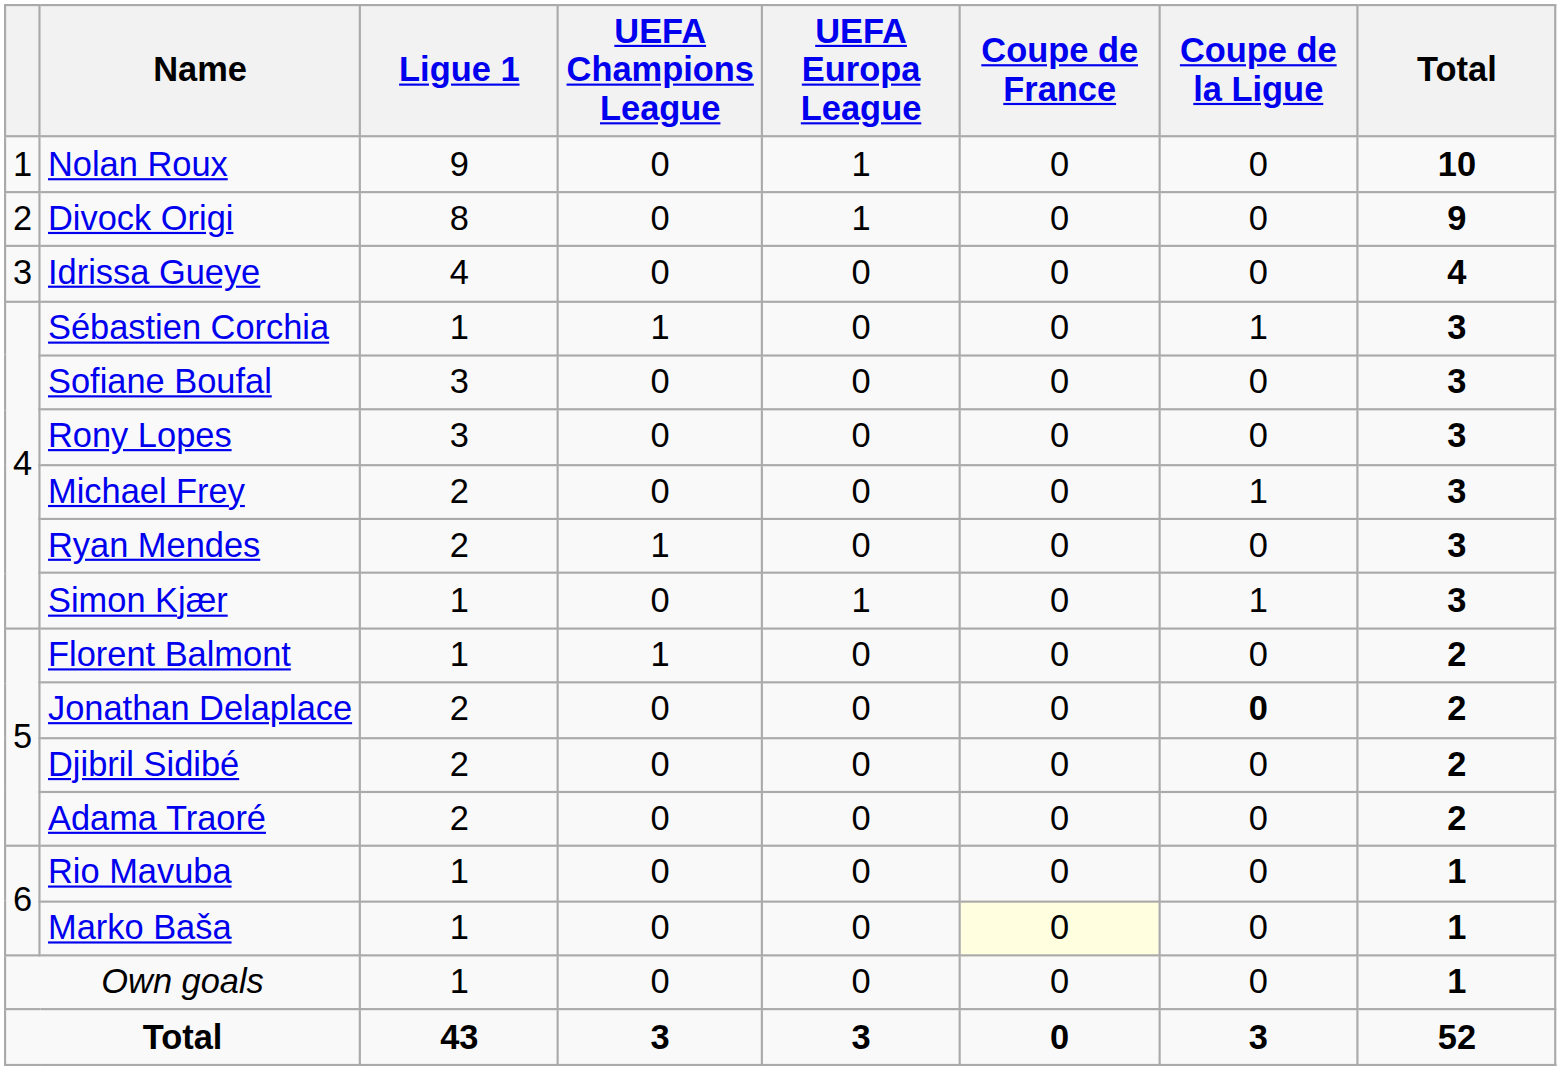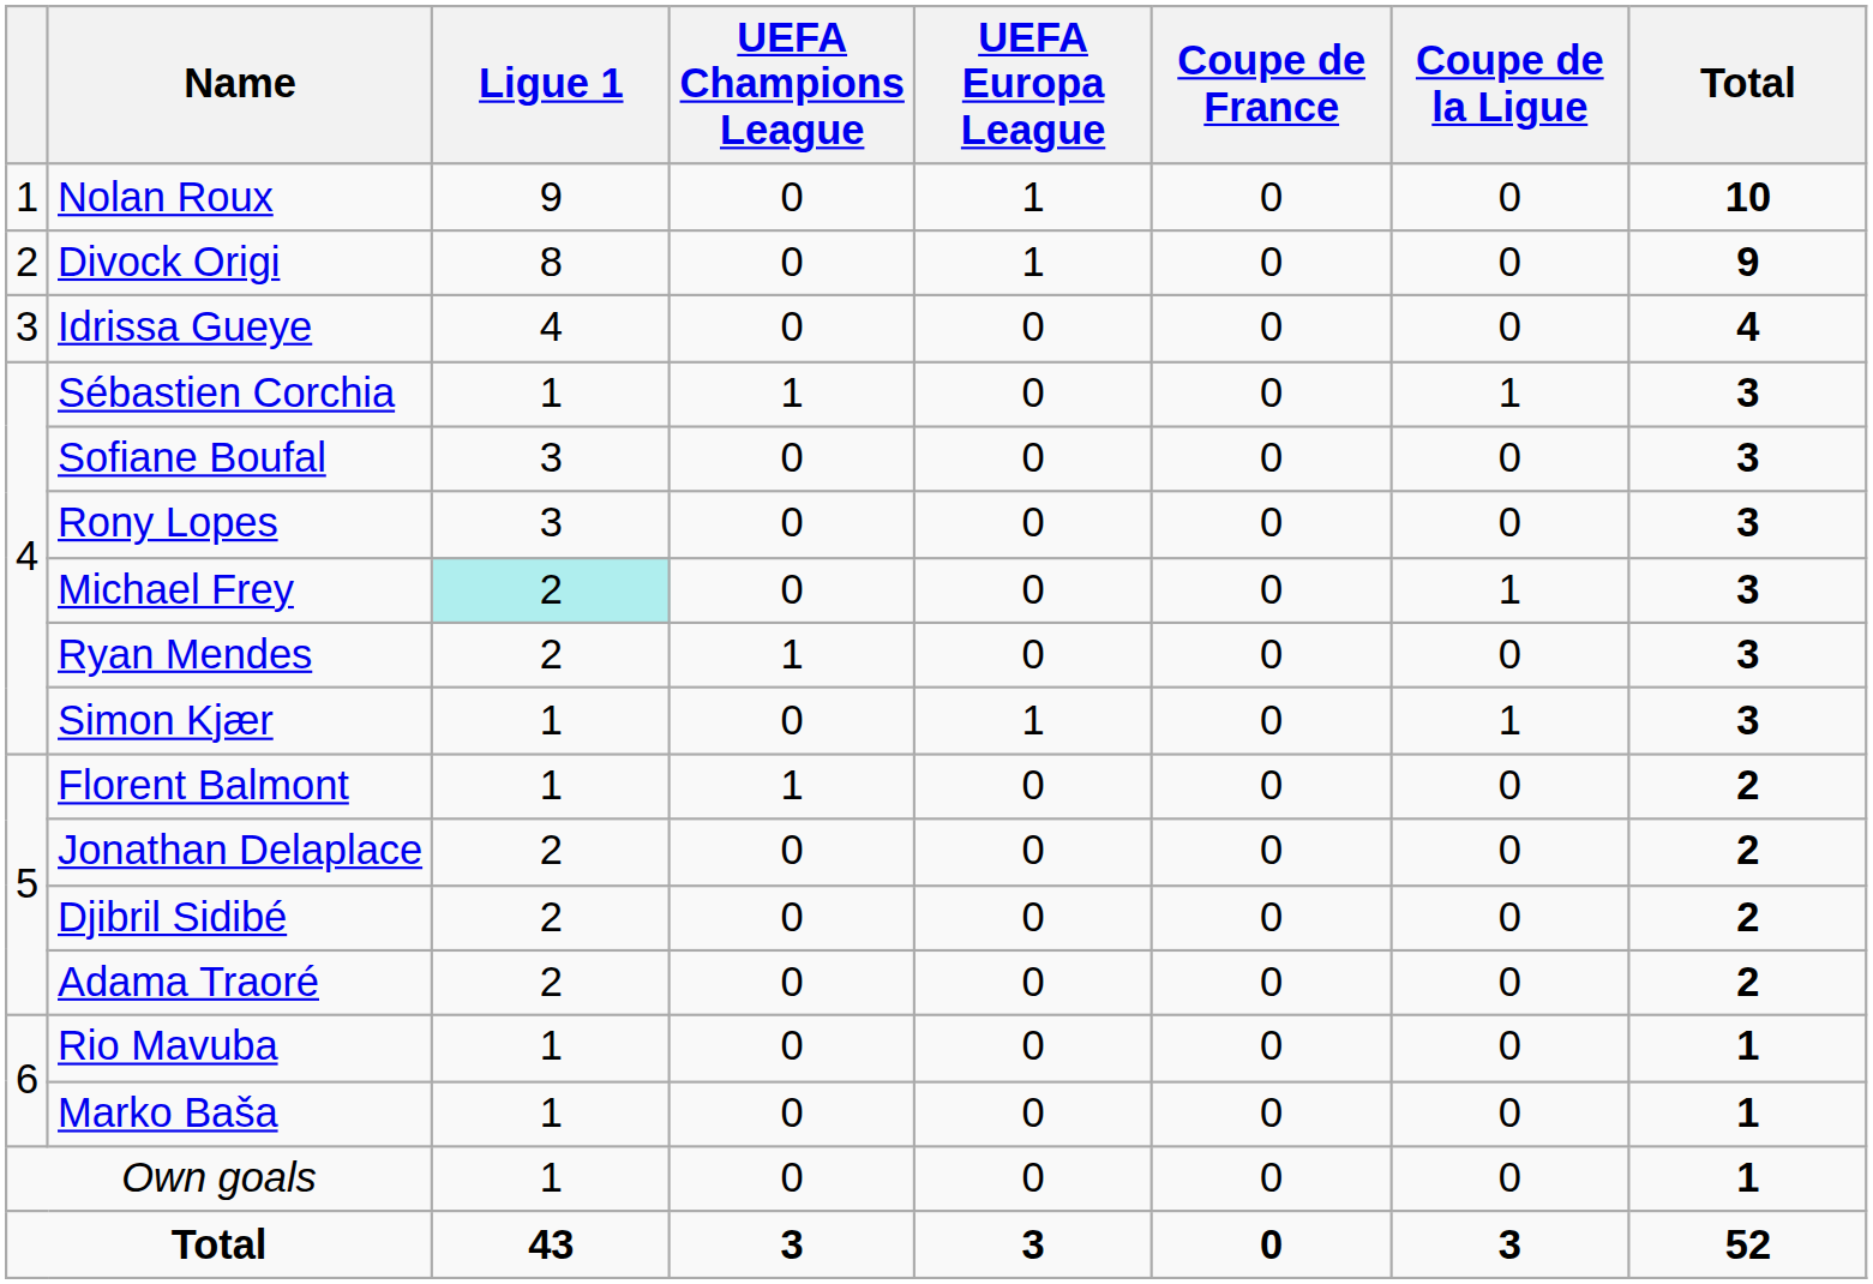 <table class="wikitable sortable" style="text-align:center;">
 <tr>
 <th></th>
 <th>Name</th>
 <th width="85"><a href='#'>Ligue 1</a></th>
 <th width="85"><a href='#'>UEFA Champions League</a></th>
 <th width="85"><a href='#'>UEFA Europa League</a></th>
 <th width="85"><a href='#'>Coupe de France</a></th>
 <th width="85"><a href='#'>Coupe de la Ligue</a></th>
 <th width="85">Total</th>
 </tr>
 <tr>
 <td>1</td>
 <td align=left> <a href='#'>Nolan Roux</a></td>
 <td>9</td>
 <td>0</td>
 <td>1</td>
 <td>0</td>
 <td>0</td>
 <td><strong>10</strong></td>
 </tr>
 <tr>
 <td>2</td>
 <td align=left> <a href='#'>Divock Origi</a></td>
 <td>8</td>
 <td>0</td>
 <td>1</td>
 <td>0</td>
 <td>0</td>
 <td><strong>9</strong></td>
 </tr>
 <tr>
 <td>3</td>
 <td align=left> <a href='#'>Idrissa Gueye</a></td>
 <td>4</td>
 <td>0</td>
 <td>0</td>
 <td>0</td>
 <td>0</td>
 <td><strong>4</strong></td>
 </tr>
 <tr>
 <td rowspan=6>4</td>
 <td align=left> <a href='#'>Sébastien Corchia</a></td>
 <td>1</td>
 <td>1</td>
 <td>0</td>
 <td>0</td>
 <td>1</td>
 <td><strong>3</strong></td>
 </tr>
 <tr>
 <td align=left> <a href='#'>Sofiane Boufal</a></td>
 <td>3</td>
 <td>0</td>
 <td>0</td>
 <td>0</td>
 <td>0</td>
 <td><strong>3</strong></td>
 </tr>
 <tr>
 <td align=left> <a href='#'>Rony Lopes</a></td>
 <td>3</td>
 <td>0</td>
 <td>0</td>
 <td>0</td>
 <td>0</td>
 <td><strong>3</strong></td>
 </tr>
 <tr>
 <td align=left> <a href='#'>Michael Frey</a></td>
-<td>2</td>
+<td style="background: paleturquoise;">2</td>
 <td>0</td>
 <td>0</td>
 <td>0</td>
 <td>1</td>
 <td><strong>3</strong></td>
 </tr>
 <tr>
 <td align=left> <a href='#'>Ryan Mendes</a></td>
 <td>2</td>
 <td>1</td>
 <td>0</td>
 <td>0</td>
 <td>0</td>
 <td><strong>3</strong></td>
 </tr>
 <tr>
 <td align=left> <a href='#'>Simon Kjær</a></td>
 <td>1</td>
 <td>0</td>
 <td>1</td>
 <td>0</td>
 <td>1</td>
 <td><strong>3</strong></td>
 </tr>
 <tr>
 <td rowspan=4>5</td>
 <td align=left> <a href='#'>Florent Balmont</a></td>
 <td>1</td>
 <td>1</td>
 <td>0</td>
 <td>0</td>
 <td>0</td>
 <td><strong>2</strong></td>
 </tr>
 <tr>
 <td align=left> <a href='#'>Jonathan Delaplace</a></td>
 <td>2</td>
 <td>0</td>
 <td>0</td>
 <td>0</td>
-<td><strong>0</strong></td>
+<td>0</td>
 <td><strong>2</strong></td>
 </tr>
 <tr>
 <td align=left> <a href='#'>Djibril Sidibé</a></td>
 <td>2</td>
 <td>0</td>
 <td>0</td>
 <td>0</td>
 <td>0</td>
 <td><strong>2</strong></td>
 </tr>
 <tr>
 <td align=left> <a href='#'>Adama Traoré</a></td>
 <td>2</td>
 <td>0</td>
 <td>0</td>
 <td>0</td>
 <td>0</td>
 <td><strong>2</strong></td>
 </tr>
 <tr>
 <td rowspan=2>6</td>
 <td align=left> <a href='#'>Rio Mavuba</a></td>
 <td>1</td>
 <td>0</td>
 <td>0</td>
 <td>0</td>
 <td>0</td>
 <td><strong>1</strong></td>
 </tr>
 <tr>
 <td align=left> <a href='#'>Marko Baša</a></td>
 <td>1</td>
 <td>0</td>
 <td>0</td>
-<td style="background: lightyellow;">0</td>
+<td>0</td>
 <td>0</td>
 <td><strong>1</strong></td>
 </tr>
 <tr>
 <td colspan=2><em>Own goals</em></td>
 <td>1</td>
 <td>0</td>
 <td>0</td>
 <td>0</td>
 <td>0</td>
 <td><strong>1</strong></td>
 </tr>
 <tr>
 <td colspan=2><strong>Total</strong></td>
 <td><strong>43</strong></td>
 <td><strong>3</strong></td>
 <td><strong>3</strong></td>
 <td><strong>0</strong></td>
 <td><strong>3</strong></td>
 <td><strong>52</strong></td>
 </tr>
 <tr>
 </tr>
 </table>
